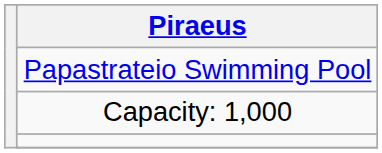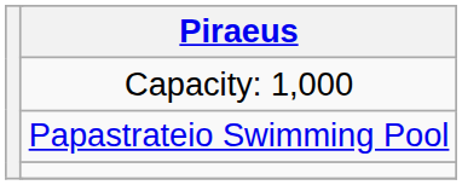 <table class="wikitable" style="text-align:center">
 <tr>
 <th rowspan="8" colspan="2"></th>
 <th><a href='#'>Piraeus</a></th>
 </tr>
 <tr>
-<td><a href='#'>Papastrateio Swimming Pool</a></td>
+<td>Capacity: 1,000</td>
 </tr>
 <tr>
-<td>Capacity: 1,000</td>
+<td><a href='#'>Papastrateio Swimming Pool</a></td>
 </tr>
 <tr>
 <td></td>
 </tr>
 <tr>
 </tr>
 </table>
